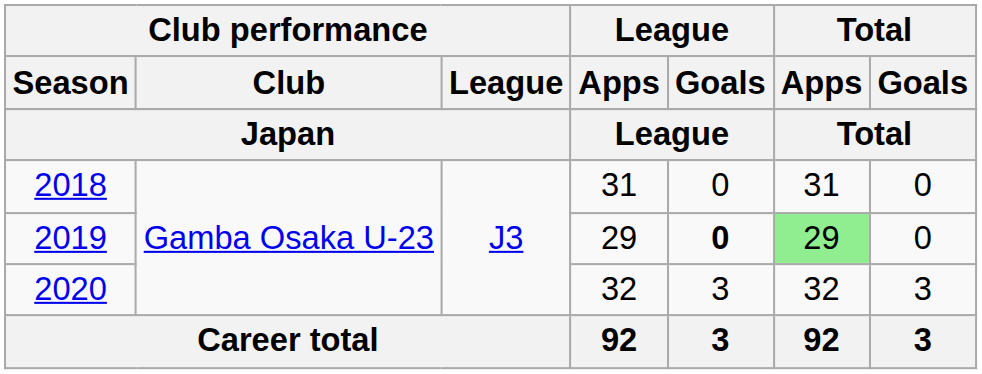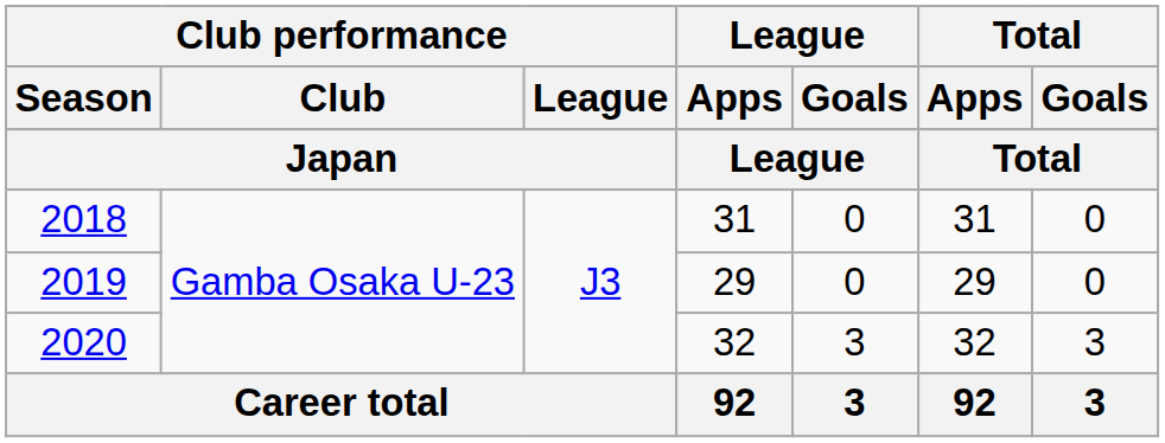 <table class="wikitable" style="text-align:center">
 <tr>
 <th colspan=3>Club performance</th>
 <th colspan=2>League</th>
 <th colspan=2>Total</th>
 </tr>
 <tr>
 <th>Season</th>
 <th>Club</th>
 <th>League</th>
 <th>Apps</th>
 <th>Goals</th>
 <th>Apps</th>
 <th>Goals</th>
 </tr>
 <tr>
 </tr>
 <tr>
 <th colspan=3>Japan</th>
 <th colspan=2>League</th>
 <th colspan=2>Total</th>
 </tr>
 <tr>
 <td><a href='#'>2018</a></td>
 <td rowspan=3><a href='#'>Gamba Osaka U-23</a></td>
 <td rowspan=3><a href='#'>J3</a></td>
 <td>31</td>
 <td>0</td>
 <td>31</td>
 <td>0</td>
 </tr>
 <tr>
 <td><a href='#'>2019</a></td>
 <td>29</td>
-<td><strong>0</strong></td>
-<td style="background: lightgreen;">29</td>
+<td>0</td>
+<td>29</td>
 <td>0</td>
 </tr>
 <tr>
 <td><a href='#'>2020</a></td>
 <td>32</td>
 <td>3</td>
 <td>32</td>
 <td>3</td>
 </tr>
 <tr>
 <th colspan=3>Career total</th>
 <th>92</th>
 <th>3</th>
 <th>92</th>
 <th>3</th>
 </tr>
 </table>
